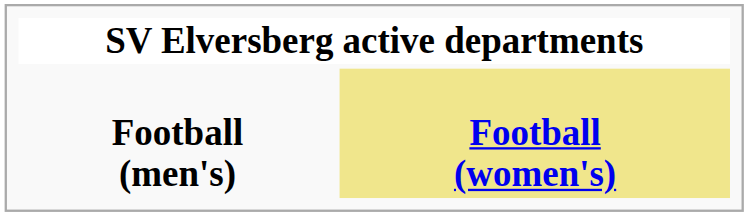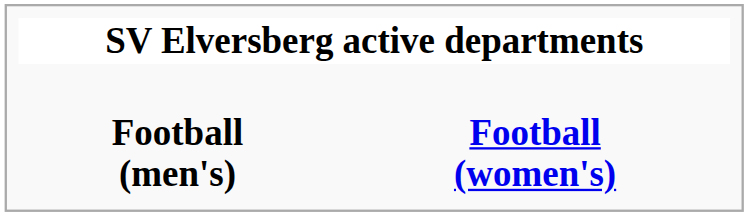 <table class="infobox" style="width: 20em; font-size: 95%em;">
 <tr style="color:black; background:white; text-align:center;">
 <th colspan="3" style="text-align: center">SV Elversberg active departments</th>
 </tr>
 <tr style="text-align: center">
 <td><br><strong>Football<br>(men's)</strong></td>
-<td style="background: khaki;"><br><strong><a href='#'>Football<br>(women's)</a></strong></td>
+<td><br><strong><a href='#'>Football<br>(women's)</a></strong></td>
 </tr>
 </table>
